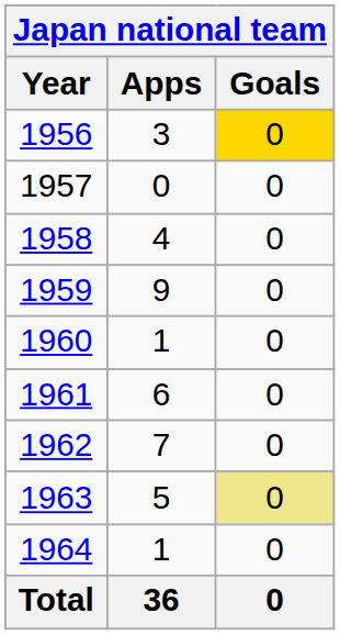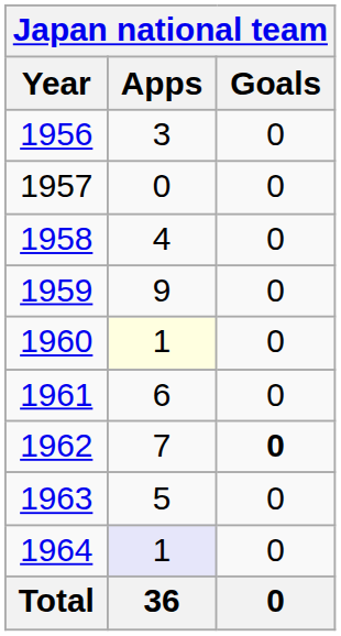 <table class="wikitable" style="text-align:center">
 <tr>
 <th colspan=3><a href='#'>Japan national team</a></th>
 </tr>
 <tr>
 <th>Year</th>
 <th>Apps</th>
 <th>Goals</th>
 </tr>
 <tr>
 <td><a href='#'>1956</a></td>
 <td>3</td>
-<td style="background: gold;">0</td>
+<td>0</td>
 </tr>
 <tr>
 <td>1957</td>
 <td>0</td>
 <td>0</td>
 </tr>
 <tr>
 <td><a href='#'>1958</a></td>
 <td>4</td>
 <td>0</td>
 </tr>
 <tr>
 <td><a href='#'>1959</a></td>
 <td>9</td>
 <td>0</td>
 </tr>
 <tr>
 <td><a href='#'>1960</a></td>
-<td>1</td>
+<td style="background: lightyellow;">1</td>
 <td>0</td>
 </tr>
 <tr>
 <td><a href='#'>1961</a></td>
 <td>6</td>
 <td>0</td>
 </tr>
 <tr>
 <td><a href='#'>1962</a></td>
 <td>7</td>
-<td>0</td>
+<td><strong>0</strong></td>
 </tr>
 <tr>
 <td><a href='#'>1963</a></td>
 <td>5</td>
-<td style="background: khaki;">0</td>
+<td>0</td>
 </tr>
 <tr>
 <td><a href='#'>1964</a></td>
-<td>1</td>
+<td style="background: lavender;">1</td>
 <td>0</td>
 </tr>
 <tr>
 <th>Total</th>
 <th>36</th>
 <th>0</th>
 </tr>
 </table>
